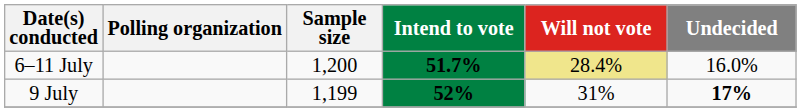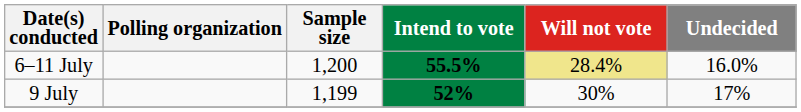 <table class="wikitable sortable" style="text-align: center; line-height: 14px; font-size: 95%;">
 <tr>
 <th>Date(s)<br>conducted</th>
 <th>Polling organization</th>
 <th class="unsortable" style="width: 65px;">Sample size</th>
 <th class="unsortable" style="background: rgb(0, 129, 66); width: 100px; color: white;">Intend to vote</th>
 <th class="unsortable" style="background: rgb(220, 36, 31); width: 100px; color: white;">Will not vote</th>
 <th class="unsortable" style="background: gray; width: 90px; color: white;">Undecided</th>
 </tr>
 <tr>
 <td data-sort-value="2014-09-17">6–11 July</td>
 <td></td>
 <td>1,200</td>
-<td style="background: rgb(0, 129, 66)"><strong>51.7%</strong></td>
+<td style="background: rgb(0, 129, 66)"><strong>55.5%</strong></td>
 <td style="background: khaki;">28.4%</td>
 <td>16.0%</td>
 </tr>
 <tr>
 <td data-sort-value="2014-09-17">9 July</td>
 <td></td>
 <td>1,199</td>
 <td style="background: rgb(0, 129, 66)"><strong>52%</strong></td>
-<td>31%</td>
-<td><strong>17%</strong></td>
+<td>30%</td>
+<td>17%</td>
 </tr>
 <tr>
 </tr>
 </table>
